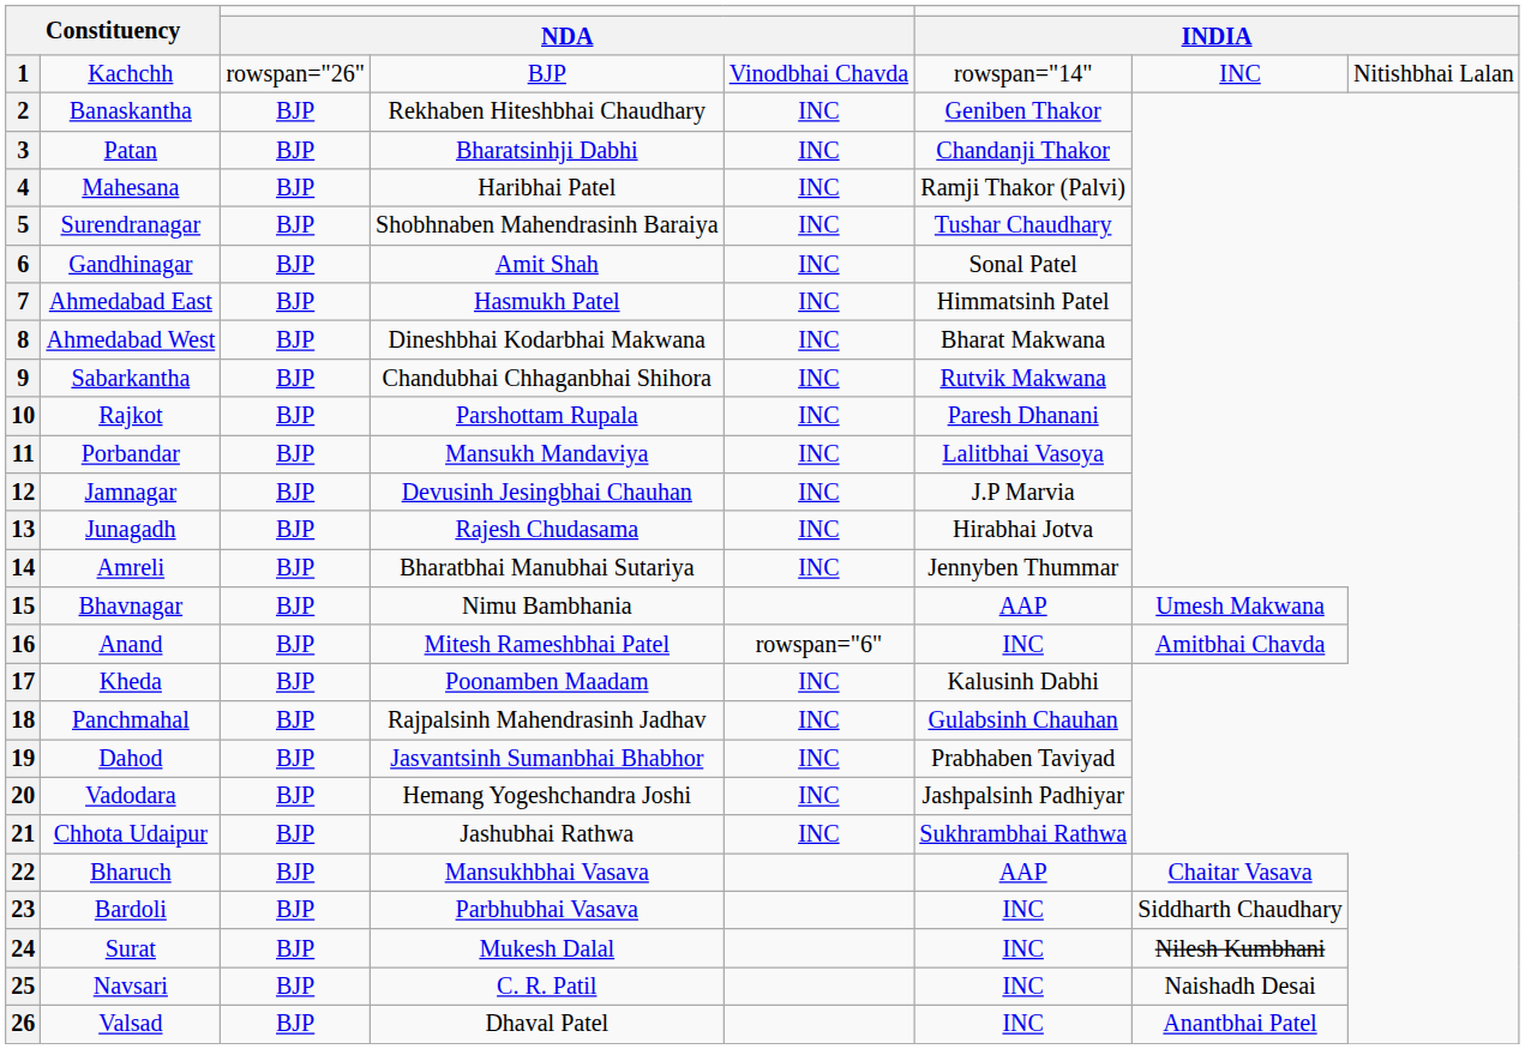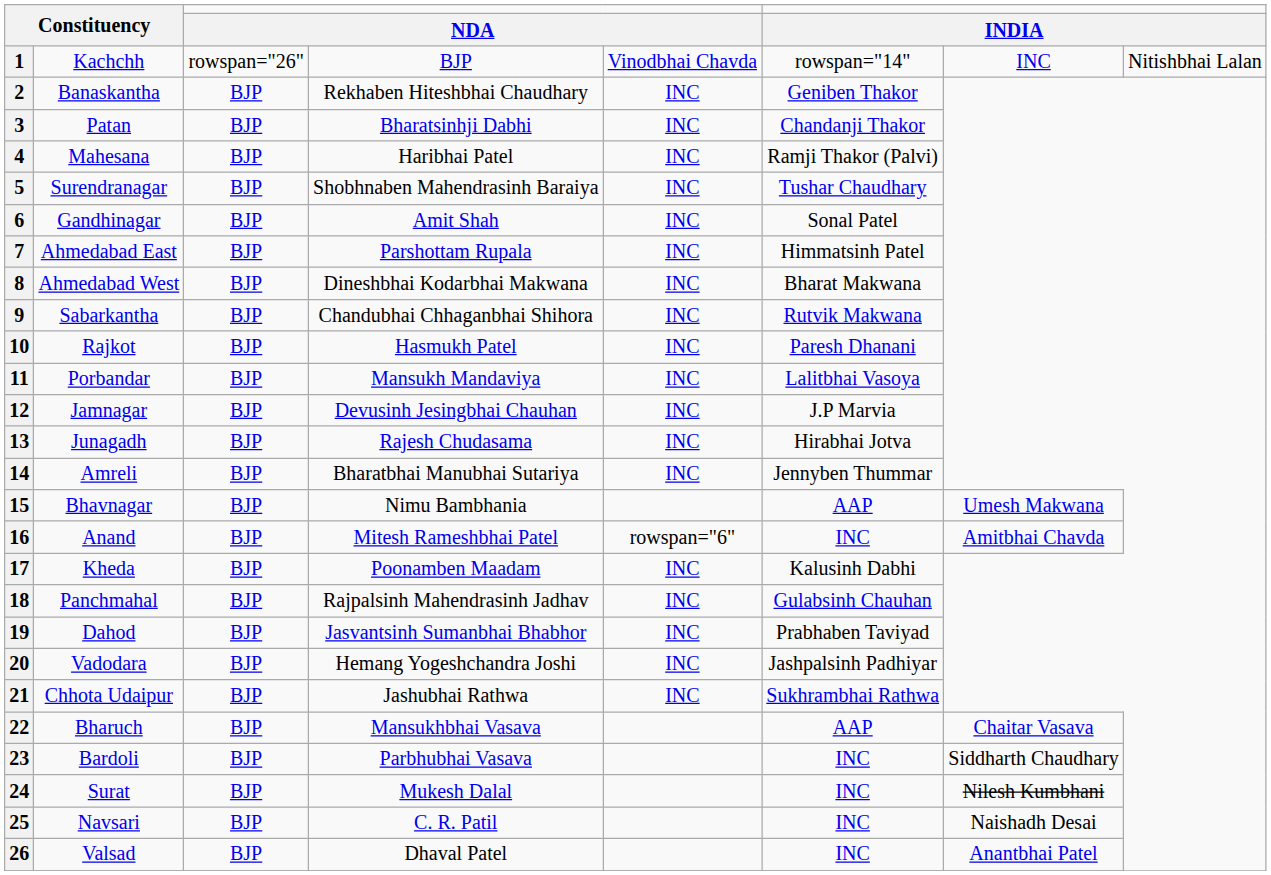 <table class="wikitable" style="text-align:center;">
 <tr>
 <th colspan="2" rowspan="2">Constituency</th>
 <td colspan="3" bgcolor=></td>
 <td colspan="3" bgcolor=></td>
 </tr>
 <tr>
 <th colspan="3"><a href='#'>NDA</a></th>
 <th colspan="3"><a href='#'>INDIA</a></th>
 </tr>
 <tr>
 <th>1</th>
 <td><a href='#'>Kachchh</a></td>
 <td>rowspan="26" </td>
 <td><a href='#'>BJP</a></td>
 <td><a href='#'>Vinodbhai Chavda</a></td>
 <td>rowspan="14" </td>
 <td><a href='#'>INC</a></td>
 <td>Nitishbhai Lalan</td>
 </tr>
 <tr>
 <th>2</th>
 <td><a href='#'>Banaskantha</a></td>
 <td><a href='#'>BJP</a></td>
 <td>Rekhaben Hiteshbhai Chaudhary</td>
 <td><a href='#'>INC</a></td>
 <td><a href='#'>Geniben Thakor</a></td>
 </tr>
 <tr>
 <th>3</th>
 <td><a href='#'>Patan</a></td>
 <td><a href='#'>BJP</a></td>
 <td><a href='#'>Bharatsinhji Dabhi</a></td>
 <td><a href='#'>INC</a></td>
 <td><a href='#'>Chandanji Thakor</a></td>
 </tr>
 <tr>
 <th>4</th>
 <td><a href='#'>Mahesana</a></td>
 <td><a href='#'>BJP</a></td>
 <td>Haribhai Patel</td>
 <td><a href='#'>INC</a></td>
 <td>Ramji Thakor (Palvi)</td>
 </tr>
 <tr>
 <th>5</th>
 <td><a href='#'>Surendranagar</a></td>
 <td><a href='#'>BJP</a></td>
 <td>Shobhnaben Mahendrasinh Baraiya</td>
 <td><a href='#'>INC</a></td>
 <td><a href='#'>Tushar Chaudhary</a></td>
 </tr>
 <tr>
 <th>6</th>
 <td><a href='#'>Gandhinagar</a></td>
 <td><a href='#'>BJP</a></td>
 <td><a href='#'>Amit Shah</a></td>
 <td><a href='#'>INC</a></td>
 <td>Sonal Patel</td>
 </tr>
 <tr>
 <th>7</th>
 <td><a href='#'>Ahmedabad East</a></td>
 <td><a href='#'>BJP</a></td>
-<td><a href='#'>Hasmukh Patel</a></td>
+<td><a href='#'>Parshottam Rupala</a></td>
 <td><a href='#'>INC</a></td>
 <td>Himmatsinh Patel</td>
 </tr>
 <tr>
 <th>8</th>
 <td><a href='#'>Ahmedabad West</a></td>
 <td><a href='#'>BJP</a></td>
 <td>Dineshbhai Kodarbhai Makwana</td>
 <td><a href='#'>INC</a></td>
 <td>Bharat Makwana</td>
 </tr>
 <tr>
 <th>9</th>
 <td><a href='#'>Sabarkantha</a></td>
 <td><a href='#'>BJP</a></td>
 <td>Chandubhai Chhaganbhai Shihora</td>
 <td><a href='#'>INC</a></td>
 <td><a href='#'>Rutvik Makwana</a></td>
 </tr>
 <tr>
 <th>10</th>
 <td><a href='#'>Rajkot</a></td>
 <td><a href='#'>BJP</a></td>
-<td><a href='#'>Parshottam Rupala</a></td>
+<td><a href='#'>Hasmukh Patel</a></td>
 <td><a href='#'>INC</a></td>
 <td><a href='#'>Paresh Dhanani</a></td>
 </tr>
 <tr>
 <th>11</th>
 <td><a href='#'>Porbandar</a></td>
 <td><a href='#'>BJP</a></td>
 <td><a href='#'>Mansukh Mandaviya</a></td>
 <td><a href='#'>INC</a></td>
 <td><a href='#'>Lalitbhai Vasoya</a></td>
 </tr>
 <tr>
 <th>12</th>
 <td><a href='#'>Jamnagar</a></td>
 <td><a href='#'>BJP</a></td>
 <td><a href='#'>Devusinh Jesingbhai Chauhan</a></td>
 <td><a href='#'>INC</a></td>
 <td>J.P Marvia</td>
 </tr>
 <tr>
 <th>13</th>
 <td><a href='#'>Junagadh</a></td>
 <td><a href='#'>BJP</a></td>
 <td><a href='#'>Rajesh Chudasama</a></td>
 <td><a href='#'>INC</a></td>
 <td>Hirabhai Jotva</td>
 </tr>
 <tr>
 <th>14</th>
 <td><a href='#'>Amreli</a></td>
 <td><a href='#'>BJP</a></td>
 <td>Bharatbhai Manubhai Sutariya</td>
 <td><a href='#'>INC</a></td>
 <td>Jennyben Thummar</td>
 </tr>
 <tr>
 <th>15</th>
 <td><a href='#'>Bhavnagar</a></td>
 <td><a href='#'>BJP</a></td>
 <td>Nimu Bambhania</td>
 <td></td>
 <td><a href='#'>AAP</a></td>
 <td><a href='#'>Umesh Makwana</a></td>
 </tr>
 <tr>
 <th>16</th>
 <td><a href='#'>Anand</a></td>
 <td><a href='#'>BJP</a></td>
 <td><a href='#'>Mitesh Rameshbhai Patel</a></td>
 <td>rowspan="6" </td>
 <td><a href='#'>INC</a></td>
 <td><a href='#'>Amitbhai Chavda</a></td>
 </tr>
 <tr>
 <th>17</th>
 <td><a href='#'>Kheda</a></td>
 <td><a href='#'>BJP</a></td>
 <td><a href='#'>Poonamben Maadam</a></td>
 <td><a href='#'>INC</a></td>
 <td>Kalusinh Dabhi</td>
 </tr>
 <tr>
 <th>18</th>
 <td><a href='#'>Panchmahal</a></td>
 <td><a href='#'>BJP</a></td>
 <td>Rajpalsinh Mahendrasinh Jadhav</td>
 <td><a href='#'>INC</a></td>
 <td><a href='#'>Gulabsinh Chauhan</a></td>
 </tr>
 <tr>
 <th>19</th>
 <td><a href='#'>Dahod</a></td>
 <td><a href='#'>BJP</a></td>
 <td><a href='#'>Jasvantsinh Sumanbhai Bhabhor</a></td>
 <td><a href='#'>INC</a></td>
 <td>Prabhaben Taviyad</td>
 </tr>
 <tr>
 <th>20</th>
 <td><a href='#'>Vadodara</a></td>
 <td><a href='#'>BJP</a></td>
 <td>Hemang Yogeshchandra Joshi</td>
 <td><a href='#'>INC</a></td>
 <td>Jashpalsinh Padhiyar</td>
 </tr>
 <tr>
 <th>21</th>
 <td><a href='#'>Chhota Udaipur</a></td>
 <td><a href='#'>BJP</a></td>
 <td>Jashubhai Rathwa</td>
 <td><a href='#'>INC</a></td>
 <td><a href='#'>Sukhrambhai Rathwa</a></td>
 </tr>
 <tr>
 <th>22</th>
 <td><a href='#'>Bharuch</a></td>
 <td><a href='#'>BJP</a></td>
 <td><a href='#'>Mansukhbhai Vasava</a></td>
 <td></td>
 <td><a href='#'>AAP</a></td>
 <td><a href='#'>Chaitar Vasava</a></td>
 </tr>
 <tr>
 <th>23</th>
 <td><a href='#'>Bardoli</a></td>
 <td><a href='#'>BJP</a></td>
 <td><a href='#'>Parbhubhai Vasava</a></td>
 <td></td>
 <td><a href='#'>INC</a></td>
 <td>Siddharth Chaudhary</td>
 </tr>
 <tr>
 <th>24</th>
 <td><a href='#'>Surat</a></td>
 <td><a href='#'>BJP</a></td>
 <td><a href='#'>Mukesh Dalal</a></td>
 <td></td>
 <td><a href='#'>INC</a></td>
 <td><s>Nilesh Kumbhani</s></td>
 </tr>
 <tr>
 <th>25</th>
 <td><a href='#'>Navsari</a></td>
 <td><a href='#'>BJP</a></td>
 <td><a href='#'>C. R. Patil</a></td>
 <td></td>
 <td><a href='#'>INC</a></td>
 <td>Naishadh Desai</td>
 </tr>
 <tr>
 <th>26</th>
 <td><a href='#'>Valsad</a></td>
 <td><a href='#'>BJP</a></td>
 <td>Dhaval Patel</td>
 <td></td>
 <td><a href='#'>INC</a></td>
 <td><a href='#'>Anantbhai Patel</a></td>
 </tr>
 <tr>
 </tr>
 </table>
